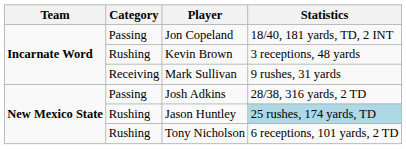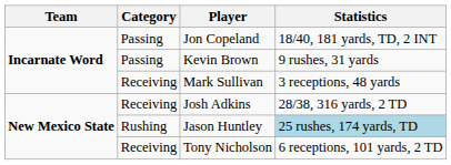 <table class="wikitable" style="float: left;">
 <tr>
 <th>Team</th>
 <th>Category</th>
 <th>Player</th>
 <th>Statistics</th>
 </tr>
 <tr>
 <td rowspan=3><strong>Incarnate Word</strong></td>
 <td>Passing</td>
 <td>Jon Copeland</td>
 <td>18/40, 181 yards, TD, 2 INT</td>
 </tr>
 <tr>
-<td>Rushing</td>
+<td>Passing</td>
 <td>Kevin Brown</td>
-<td>3 receptions, 48 yards</td>
+<td>9 rushes, 31 yards</td>
 </tr>
 <tr>
 <td>Receiving</td>
 <td>Mark Sullivan</td>
-<td>9 rushes, 31 yards</td>
+<td>3 receptions, 48 yards</td>
 </tr>
 <tr>
 <td rowspan=3><strong>New Mexico State</strong></td>
-<td>Passing</td>
+<td>Receiving</td>
 <td>Josh Adkins</td>
 <td>28/38, 316 yards, 2 TD</td>
 </tr>
 <tr>
 <td>Rushing</td>
 <td>Jason Huntley</td>
 <td style="background: lightblue;">25 rushes, 174 yards, TD</td>
 </tr>
 <tr>
-<td>Rushing</td>
+<td>Receiving</td>
 <td>Tony Nicholson</td>
 <td>6 receptions, 101 yards, 2 TD</td>
 </tr>
 </table>
